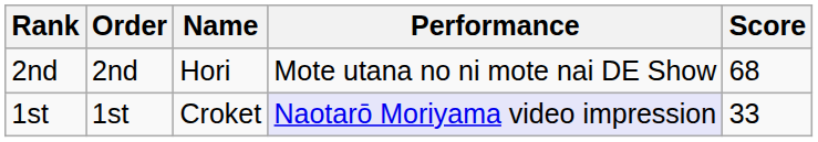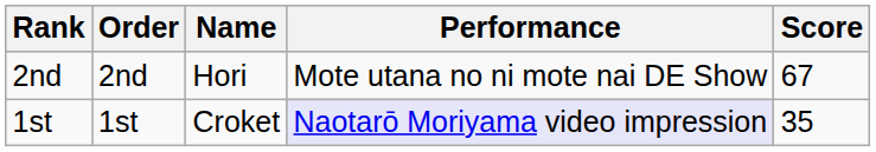 <table class="wikitable">
 <tr>
 <th>Rank</th>
 <th>Order</th>
 <th>Name</th>
 <th>Performance</th>
 <th>Score</th>
 </tr>
 <tr>
 <td>2nd</td>
 <td>2nd</td>
 <td>Hori</td>
 <td>Mote utana no ni mote nai DE Show</td>
-<td>68</td>
+<td>67</td>
 </tr>
 <tr>
 <td>1st</td>
 <td>1st</td>
 <td>Croket</td>
 <td style="background: lavender;"><a href='#'>Naotarō Moriyama</a> video impression</td>
-<td>33</td>
+<td>35</td>
 </tr>
 </table>
